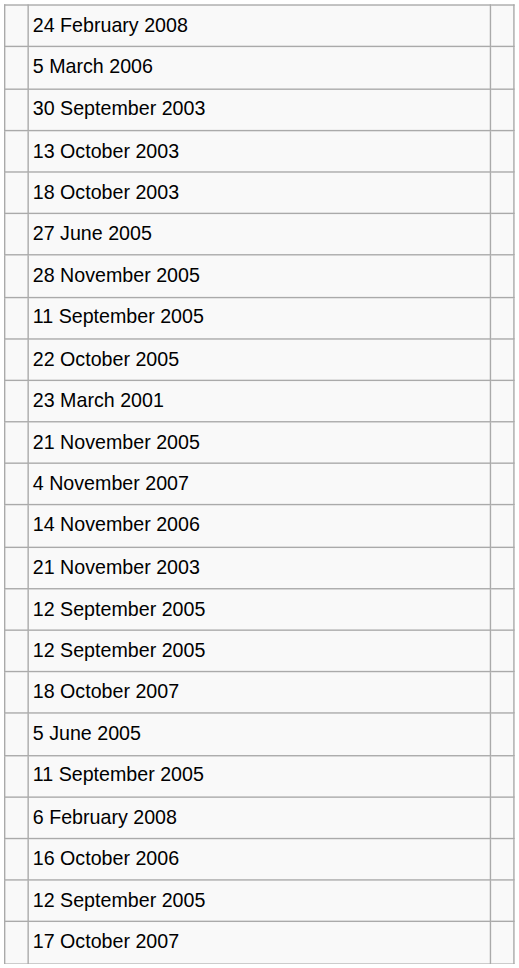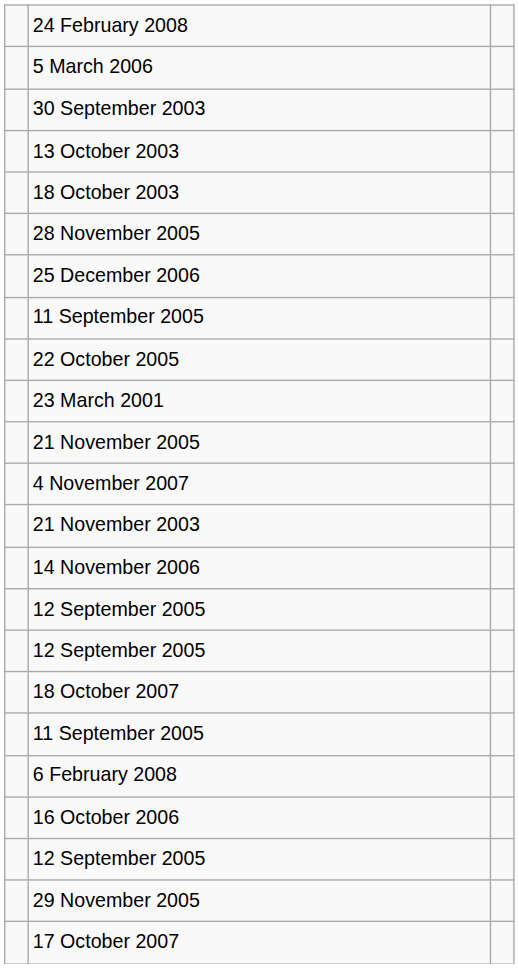 <table class="wikitable" style="font-size: 89%; float: left; width: 26em; margin-right: 1em; line-height: 1.65em !important; height: 675px;">
 <tr>
 <td></td>
 <td>24 February 2008</td>
 <td></td>
 </tr>
 <tr>
 <td></td>
 <td>5 March 2006</td>
 <td></td>
 </tr>
 <tr>
 <td></td>
 <td>30 September 2003</td>
 <td></td>
 </tr>
 <tr>
 <td></td>
 <td>13 October 2003</td>
 <td></td>
 </tr>
 <tr>
 <td></td>
 <td>18 October 2003</td>
 <td></td>
 </tr>
 <tr>
 <td></td>
-<td>27 June 2005</td>
+<td>28 November 2005</td>
 <td></td>
 </tr>
 <tr>
 <td></td>
-<td>28 November 2005</td>
+<td>25 December 2006</td>
 <td></td>
 </tr>
 <tr>
 <td></td>
 <td>11 September 2005</td>
 <td></td>
 </tr>
 <tr>
 <td></td>
 <td>22 October 2005</td>
 <td></td>
 </tr>
 <tr>
 <td></td>
 <td>23 March 2001</td>
 <td></td>
 </tr>
 <tr>
 <td></td>
 <td>21 November 2005</td>
 <td></td>
 </tr>
 <tr>
 <td></td>
 <td>4 November 2007</td>
 <td></td>
 </tr>
 <tr>
 <td></td>
-<td>14 November 2006</td>
+<td>21 November 2003</td>
 <td></td>
 </tr>
 <tr>
 <td></td>
-<td>21 November 2003</td>
+<td>14 November 2006</td>
 <td></td>
 </tr>
 <tr>
 <td></td>
 <td>12 September 2005</td>
 <td></td>
 </tr>
 <tr>
 <td></td>
 <td>12 September 2005</td>
 <td></td>
 </tr>
 <tr>
 <td></td>
 <td>18 October 2007</td>
-<td></td>
-</tr>
-<tr>
-<td></td>
-<td>5 June 2005</td>
 <td></td>
 </tr>
 <tr>
 <td></td>
 <td>11 September 2005</td>
 <td></td>
 </tr>
 <tr>
 <td></td>
 <td>6 February 2008</td>
 <td></td>
 </tr>
 <tr>
 <td></td>
 <td>16 October 2006</td>
 <td></td>
 </tr>
 <tr>
 <td></td>
 <td>12 September 2005</td>
 <td></td>
 </tr>
 <tr>
 <td></td>
+<td>29 November 2005</td>
+<td></td>
+</tr>
+<tr>
+<td></td>
 <td>17 October 2007</td>
 <td></td>
 </tr>
 </table>
